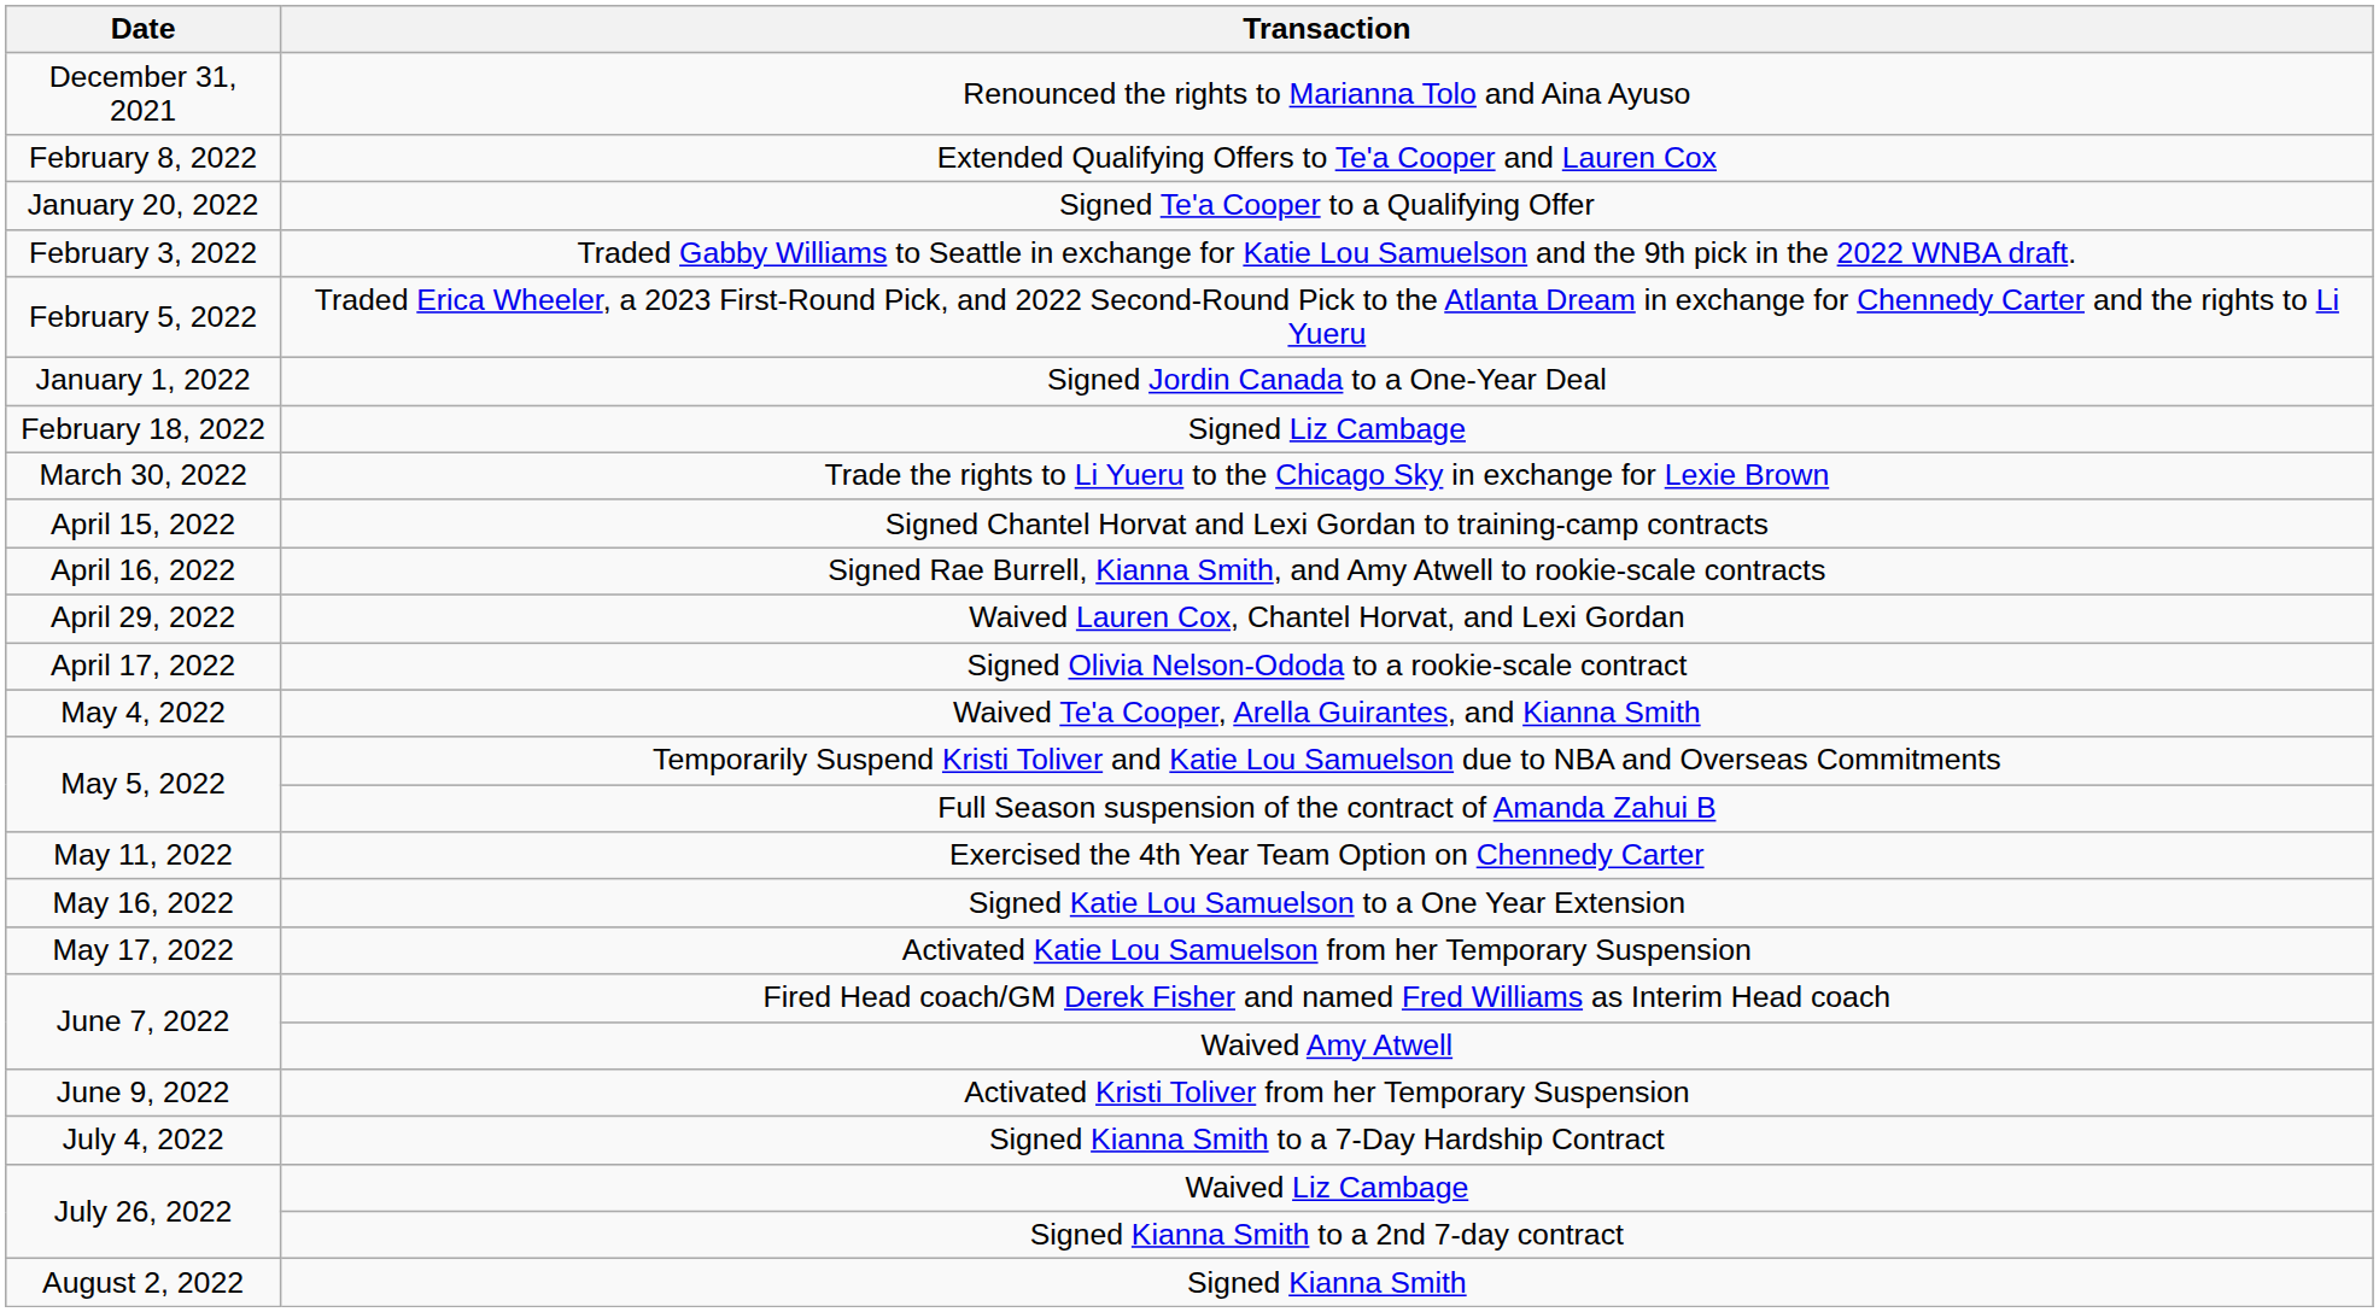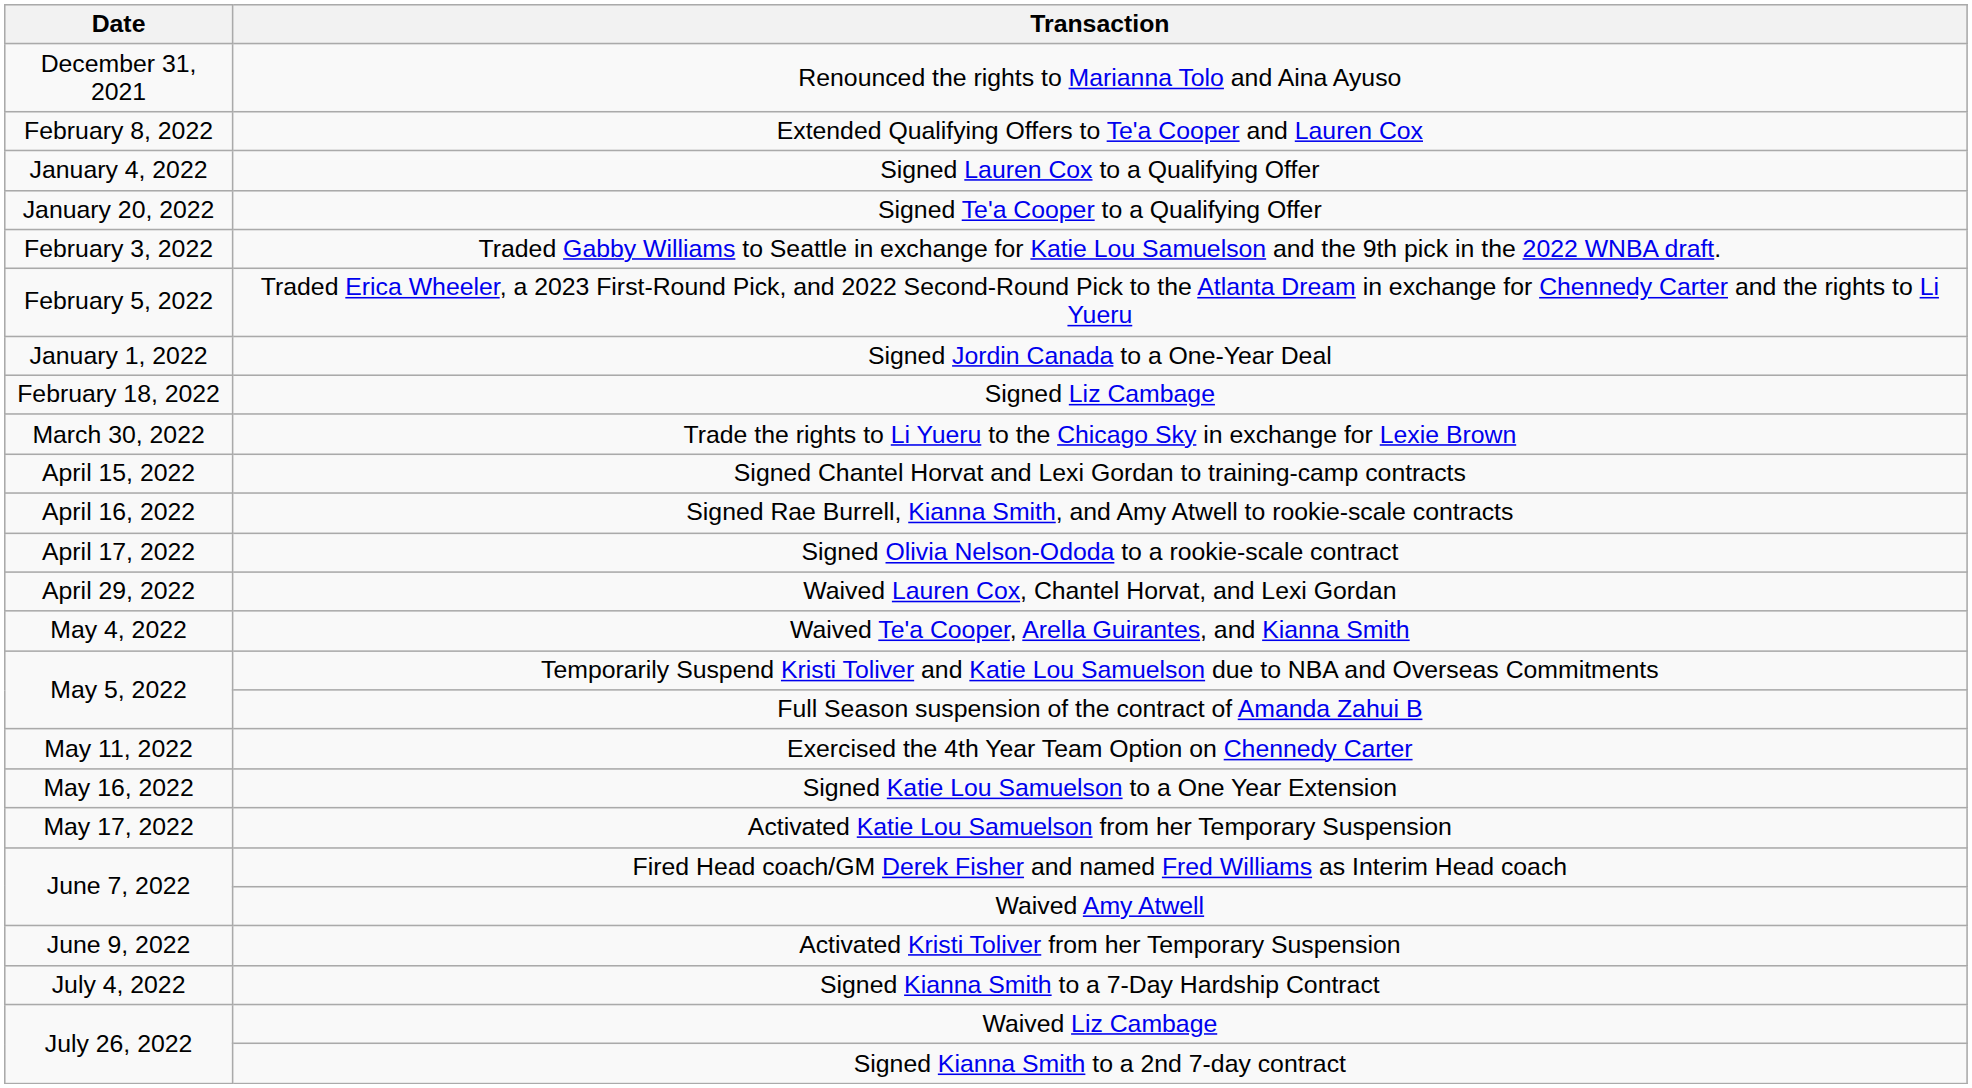 <table class="wikitable" style="width:80%; text-align: center">
 <tr>
 <th>Date</th>
 <th>Transaction</th>
 </tr>
 <tr>
 <td>December 31, 2021</td>
 <td>Renounced the rights to <a href='#'>Marianna Tolo</a> and Aina Ayuso </td>
 </tr>
 <tr>
 <td>February 8, 2022</td>
 <td>Extended Qualifying Offers to <a href='#'>Te'a Cooper</a> and <a href='#'>Lauren Cox</a></td>
+</tr>
+<tr>
+<td>January 4, 2022</td>
+<td>Signed <a href='#'>Lauren Cox</a> to a Qualifying Offer</td>
 </tr>
 <tr>
 <td>January 20, 2022</td>
 <td>Signed <a href='#'>Te'a Cooper</a> to a Qualifying Offer</td>
 </tr>
 <tr>
 <td>February 3, 2022</td>
 <td>Traded <a href='#'>Gabby Williams</a> to Seattle in exchange for <a href='#'>Katie Lou Samuelson</a> and the 9th pick in the <a href='#'>2022 WNBA draft</a>.</td>
 </tr>
 <tr>
 <td>February 5, 2022</td>
 <td>Traded <a href='#'>Erica Wheeler</a>, a 2023 First-Round Pick, and 2022 Second-Round Pick to the <a href='#'>Atlanta Dream</a> in exchange for <a href='#'>Chennedy Carter</a> and the rights to <a href='#'>Li Yueru</a></td>
 </tr>
 <tr>
 <td>January 1, 2022</td>
 <td>Signed <a href='#'>Jordin Canada</a> to a One-Year Deal</td>
 </tr>
 <tr>
 <td>February 18, 2022</td>
 <td>Signed <a href='#'>Liz Cambage</a></td>
 </tr>
 <tr>
 <td>March 30, 2022</td>
 <td>Trade the rights to <a href='#'>Li Yueru</a> to the <a href='#'>Chicago Sky</a> in exchange for <a href='#'>Lexie Brown</a></td>
 </tr>
 <tr>
 <td>April 15, 2022</td>
 <td>Signed Chantel Horvat and Lexi Gordan to training-camp contracts</td>
 </tr>
 <tr>
 <td>April 16, 2022</td>
 <td>Signed Rae Burrell, <a href='#'>Kianna Smith</a>, and Amy Atwell to rookie-scale contracts</td>
 </tr>
 <tr>
+<td>April 17, 2022</td>
+<td>Signed <a href='#'>Olivia Nelson-Ododa</a> to a rookie-scale contract</td>
+</tr>
+<tr>
 <td>April 29, 2022</td>
 <td>Waived <a href='#'>Lauren Cox</a>, Chantel Horvat, and Lexi Gordan</td>
-</tr>
-<tr>
-<td>April 17, 2022</td>
-<td>Signed <a href='#'>Olivia Nelson-Ododa</a> to a rookie-scale contract</td>
 </tr>
 <tr>
 <td>May 4, 2022</td>
 <td>Waived <a href='#'>Te'a Cooper</a>, <a href='#'>Arella Guirantes</a>, and <a href='#'>Kianna Smith</a></td>
 </tr>
 <tr>
 <td rowspan=2>May 5, 2022</td>
 <td>Temporarily Suspend <a href='#'>Kristi Toliver</a> and <a href='#'>Katie Lou Samuelson</a> due to NBA and Overseas Commitments</td>
 </tr>
 <tr>
 <td>Full Season suspension of the contract of <a href='#'>Amanda Zahui B</a></td>
 </tr>
 <tr>
 <td>May 11, 2022</td>
 <td>Exercised the 4th Year Team Option on <a href='#'>Chennedy Carter</a></td>
 </tr>
 <tr>
 <td>May 16, 2022</td>
 <td>Signed <a href='#'>Katie Lou Samuelson</a> to a One Year Extension</td>
 </tr>
 <tr>
 <td>May 17, 2022</td>
 <td>Activated <a href='#'>Katie Lou Samuelson</a> from her Temporary Suspension</td>
 </tr>
 <tr>
 <td rowspan=2>June 7, 2022</td>
 <td>Fired Head coach/GM <a href='#'>Derek Fisher</a> and named <a href='#'>Fred Williams</a> as Interim Head coach</td>
 </tr>
 <tr>
 <td>Waived <a href='#'>Amy Atwell</a></td>
 </tr>
 <tr>
 <td>June 9, 2022</td>
 <td>Activated <a href='#'>Kristi Toliver</a> from her Temporary Suspension</td>
 </tr>
 <tr>
 <td>July 4, 2022</td>
 <td>Signed <a href='#'>Kianna Smith</a> to a 7-Day Hardship Contract</td>
 </tr>
 <tr>
 <td rowspan=2>July 26, 2022</td>
 <td>Waived <a href='#'>Liz Cambage</a></td>
 </tr>
 <tr>
 <td>Signed <a href='#'>Kianna Smith</a> to a 2nd 7-day contract</td>
 </tr>
-<tr>
-<td>August 2, 2022</td>
-<td>Signed <a href='#'>Kianna Smith</a></td>
-</tr>
 </table>
